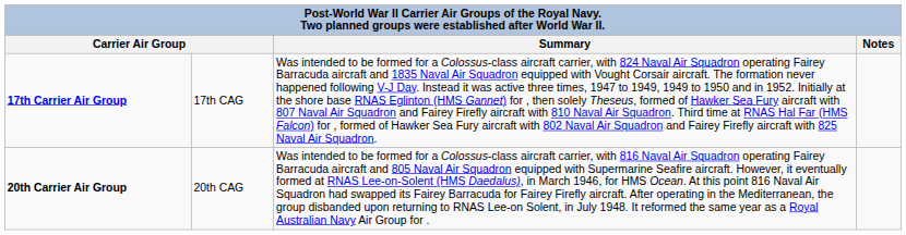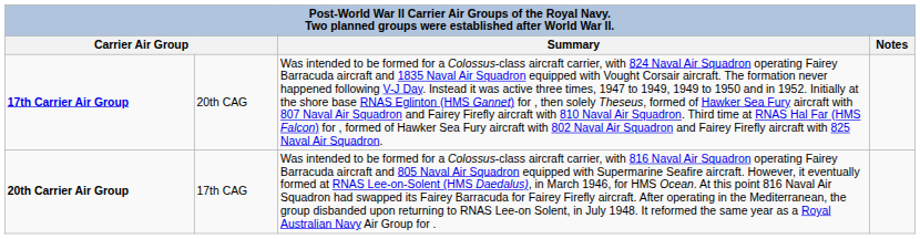 <table class="wikitable" style="margin:auto; width:100%;">
 <tr>
 <th style="align: center; background:#B0C4DE;" colspan=5>Post-World War II Carrier Air Groups of the Royal Navy.<br> Two planned groups were established after World War II.</th>
 </tr>
 <tr>
 <th style="text-align:center; width:30%;" colspan=2>Carrier Air Group</th>
 <th style="text-align:center; width:65%;">Summary</th>
 <th style="text-align:center; width:5%;">Notes</th>
 </tr>
 <tr>
 <td style="text-align:centre;"><strong><a href='#'>17th Carrier Air Group</a></strong></td>
-<td>17th CAG</td>
+<td>20th CAG</td>
 <td align=left>Was intended to be formed for a <em>Colossus</em>-class aircraft carrier, with <a href='#'>824 Naval Air Squadron</a> operating Fairey Barracuda aircraft and <a href='#'>1835 Naval Air Squadron</a> equipped with Vought Corsair aircraft. The formation never happened following <a href='#'>V-J Day</a>. Instead it was active three times, 1947 to 1949, 1949 to 1950 and in 1952. Initially at the shore base <a href='#'>RNAS Eglinton (HMS <em>Gannet</em>)</a> for , then solely <em>Theseus</em>, formed of <a href='#'>Hawker Sea Fury</a> aircraft with <a href='#'>807 Naval Air Squadron</a> and Fairey Firefly aircraft with <a href='#'>810 Naval Air Squadron</a>. Third time at <a href='#'>RNAS Hal Far (HMS <em>Falcon</em>)</a> for , formed of Hawker Sea Fury aircraft with <a href='#'>802 Naval Air Squadron</a> and Fairey Firefly aircraft with <a href='#'>825 Naval Air Squadron</a>.</td>
 <td></td>
 </tr>
 <tr>
 <td style="text-align:centre;"><strong>20th Carrier Air Group</strong></td>
-<td>20th CAG</td>
+<td>17th CAG</td>
 <td align=left>Was intended to be formed for a <em>Colossus</em>-class aircraft carrier, with <a href='#'>816 Naval Air Squadron</a> operating Fairey Barracuda aircraft and <a href='#'>805 Naval Air Squadron</a> equipped with Supermarine Seafire aircraft. However, it eventually formed at <a href='#'>RNAS Lee-on-Solent (HMS <em>Daedalus)</em></a>, in March 1946, for HMS <em>Ocean</em>. At this point 816 Naval Air Squadron had swapped its Fairey Barracuda for Fairey Firefly aircraft. After operating in the Mediterranean, the group disbanded upon returning to RNAS Lee-on Solent, in July 1948. It reformed the same year as a <a href='#'>Royal Australian Navy</a> Air Group for .</td>
 <td></td>
 </tr>
 </table>
